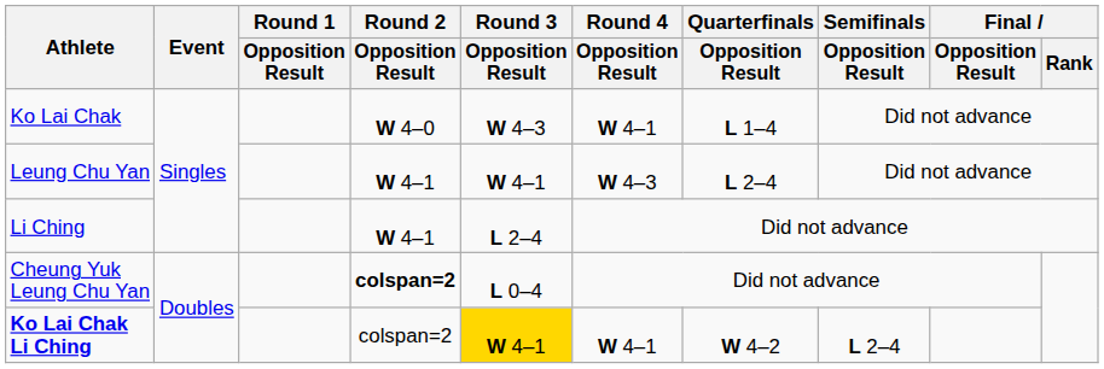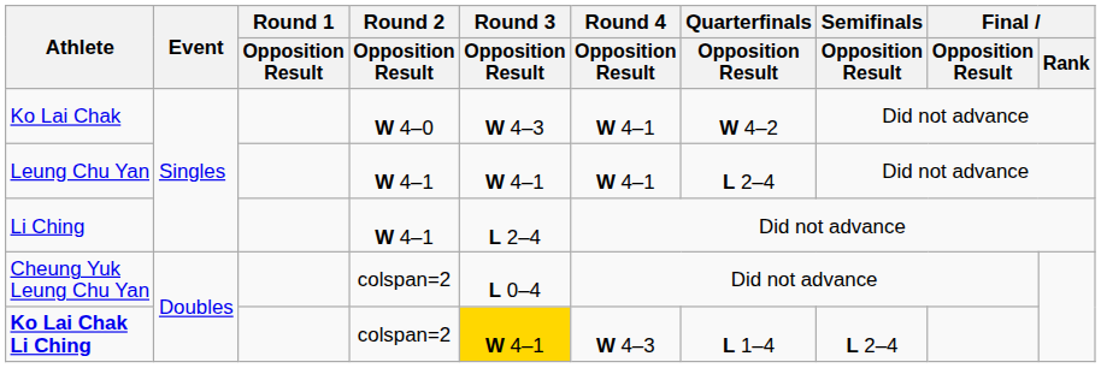 <table class="wikitable" style="font-size:90%">
 <tr>
 <th rowspan="2">Athlete</th>
 <th rowspan="2">Event</th>
 <th>Round 1</th>
 <th>Round 2</th>
 <th>Round 3</th>
 <th>Round 4</th>
 <th>Quarterfinals</th>
 <th>Semifinals</th>
 <th colspan=2>Final / </th>
 </tr>
 <tr style="font-size:95%">
 <th>Opposition<br>Result</th>
 <th>Opposition<br>Result</th>
 <th>Opposition<br>Result</th>
 <th>Opposition<br>Result</th>
 <th>Opposition<br>Result</th>
 <th>Opposition<br>Result</th>
 <th>Opposition<br>Result</th>
 <th>Rank</th>
 </tr>
 <tr align=center>
 <td align=left><a href='#'>Ko Lai Chak</a></td>
 <td align=left rowspan=3><a href='#'>Singles</a></td>
 <td></td>
 <td><br><strong>W</strong> 4–0</td>
 <td><br><strong>W</strong> 4–3</td>
 <td><br><strong>W</strong> 4–1</td>
-<td><br><strong>L</strong> 1–4</td>
+<td><br><strong>W</strong> 4–2</td>
 <td colspan=3>Did not advance</td>
 </tr>
 <tr align=center>
 <td align=left><a href='#'>Leung Chu Yan</a></td>
 <td></td>
 <td><br><strong>W</strong> 4–1</td>
 <td><br><strong>W</strong> 4–1</td>
-<td><br><strong>W</strong> 4–3</td>
+<td><br><strong>W</strong> 4–1</td>
 <td><br><strong>L</strong> 2–4</td>
 <td colspan=3>Did not advance</td>
 </tr>
 <tr align=center>
 <td align=left><a href='#'>Li Ching</a></td>
 <td></td>
 <td><br><strong>W</strong> 4–1</td>
 <td><br><strong>L</strong> 2–4</td>
 <td colspan=5>Did not advance</td>
 </tr>
 <tr align=center>
 <td align=left><a href='#'>Cheung Yuk</a><br><a href='#'>Leung Chu Yan</a></td>
 <td align=left rowspan=2><a href='#'>Doubles</a></td>
 <td></td>
-<td><strong>colspan=2 </strong></td>
+<td>colspan=2 </td>
 <td><br><strong>L</strong> 0–4</td>
 <td colspan=4>Did not advance</td>
 </tr>
 <tr align=center>
 <td align=left><strong><a href='#'>Ko Lai Chak</a><br><a href='#'>Li Ching</a></strong></td>
 <td></td>
 <td>colspan=2 </td>
 <td style="background: gold;"><br><strong>W</strong> 4–1</td>
-<td><br><strong>W</strong> 4–1</td>
-<td><br><strong>W</strong> 4–2</td>
+<td><br><strong>W</strong> 4–3</td>
+<td><br><strong>L</strong> 1–4</td>
 <td><br><strong>L</strong> 2–4</td>
 <td></td>
 </tr>
 </table>
